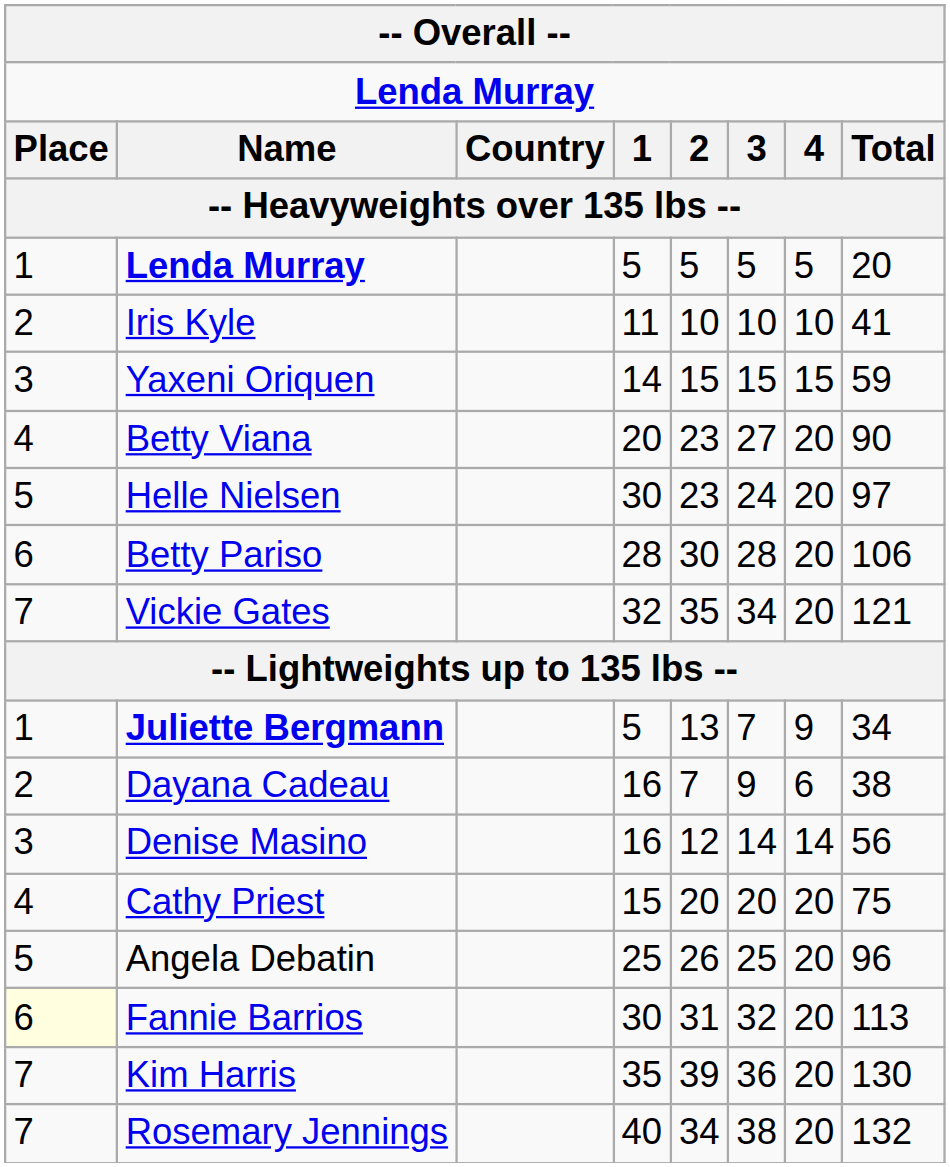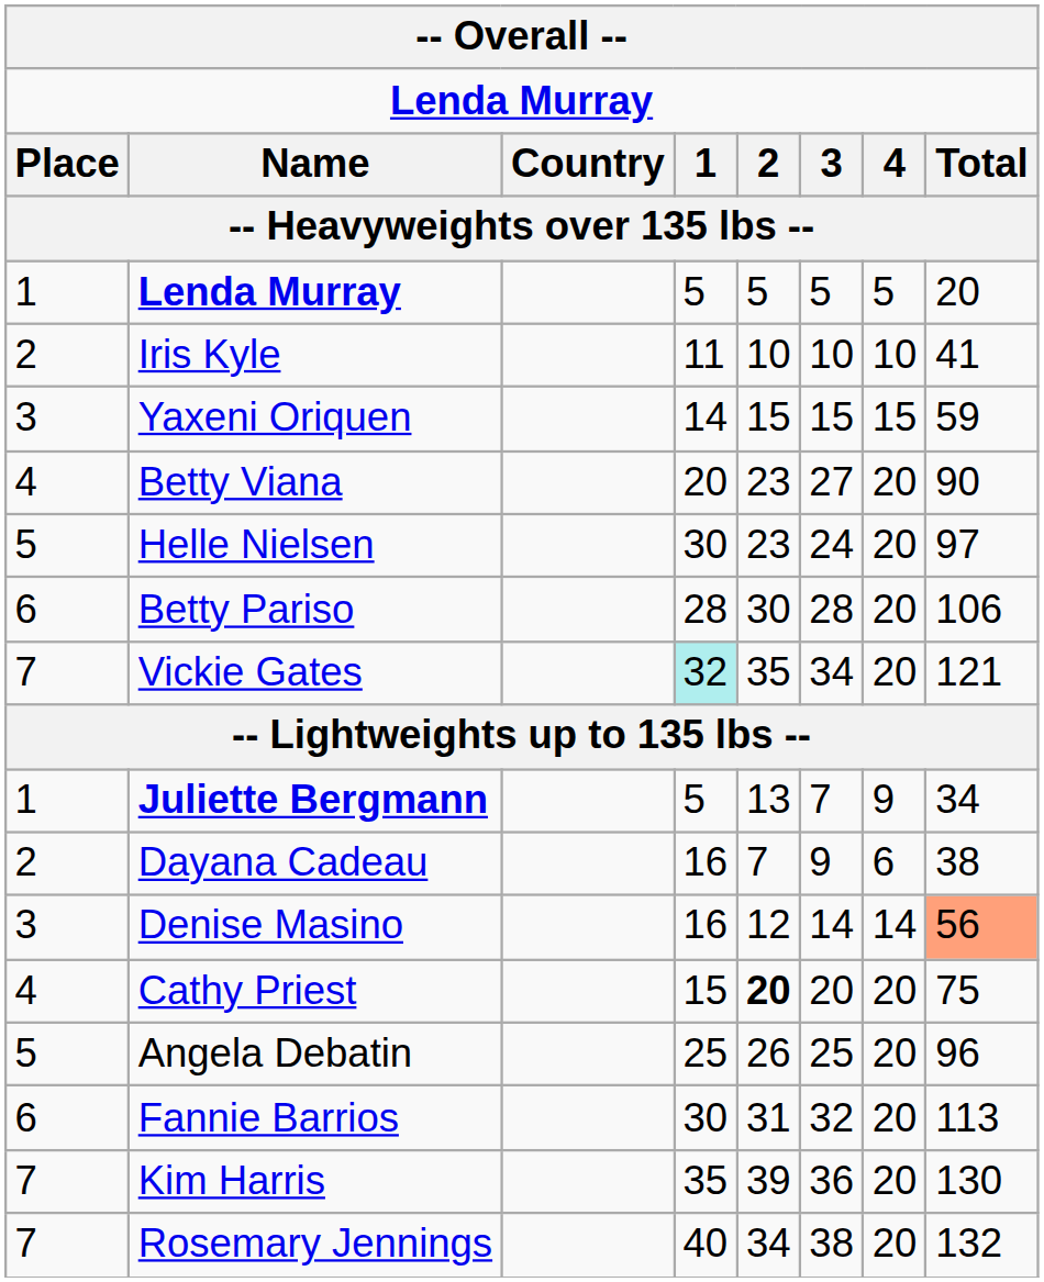 <table class="wikitable">
 <tr>
 <th rowspan=1 colspan=8 align="center">-- Overall --</th>
 </tr>
 <tr>
 <td rowspan=1 colspan=8 align="center"><strong><a href='#'>Lenda Murray</a></strong></td>
 </tr>
 <tr>
 <th>Place</th>
 <th>Name</th>
 <th>Country</th>
 <th>1</th>
 <th>2</th>
 <th>3</th>
 <th>4</th>
 <th>Total</th>
 </tr>
 <tr>
 <th rowspan=1 colspan=8 align="center">-- Heavyweights over 135 lbs --</th>
 </tr>
 <tr>
 <td>1</td>
 <td><strong><a href='#'>Lenda Murray</a></strong></td>
 <td></td>
 <td>5</td>
 <td>5</td>
 <td>5</td>
 <td>5</td>
 <td>20</td>
 </tr>
 <tr>
 <td>2</td>
 <td><a href='#'>Iris Kyle</a></td>
 <td></td>
 <td>11</td>
 <td>10</td>
 <td>10</td>
 <td>10</td>
 <td>41</td>
 </tr>
 <tr>
 <td>3</td>
 <td><a href='#'>Yaxeni Oriquen</a></td>
 <td></td>
 <td>14</td>
 <td>15</td>
 <td>15</td>
 <td>15</td>
 <td>59</td>
 </tr>
 <tr>
 <td>4</td>
 <td><a href='#'>Betty Viana</a></td>
 <td></td>
 <td>20</td>
 <td>23</td>
 <td>27</td>
 <td>20</td>
 <td>90</td>
 </tr>
 <tr>
 <td>5</td>
 <td><a href='#'>Helle Nielsen</a></td>
 <td></td>
 <td>30</td>
 <td>23</td>
 <td>24</td>
 <td>20</td>
 <td>97</td>
 </tr>
 <tr>
 <td>6</td>
 <td><a href='#'>Betty Pariso</a></td>
 <td></td>
 <td>28</td>
 <td>30</td>
 <td>28</td>
 <td>20</td>
 <td>106</td>
 </tr>
 <tr>
 <td>7</td>
 <td><a href='#'>Vickie Gates</a></td>
 <td></td>
-<td>32</td>
+<td style="background: paleturquoise;">32</td>
 <td>35</td>
 <td>34</td>
 <td>20</td>
 <td>121</td>
 </tr>
 <tr>
 <th rowspan=1 colspan=8 align="center">-- Lightweights up to 135 lbs --</th>
 </tr>
 <tr>
 <td>1</td>
 <td><strong><a href='#'>Juliette Bergmann</a></strong></td>
 <td></td>
 <td>5</td>
 <td>13</td>
 <td>7</td>
 <td>9</td>
 <td>34</td>
 </tr>
 <tr>
 <td>2</td>
 <td><a href='#'>Dayana Cadeau</a></td>
 <td></td>
 <td>16</td>
 <td>7</td>
 <td>9</td>
 <td>6</td>
 <td>38</td>
 </tr>
 <tr>
 <td>3</td>
 <td><a href='#'>Denise Masino</a></td>
 <td></td>
 <td>16</td>
 <td>12</td>
 <td>14</td>
 <td>14</td>
-<td>56</td>
+<td style="background: lightsalmon;">56</td>
 </tr>
 <tr>
 <td>4</td>
 <td><a href='#'>Cathy Priest</a></td>
 <td></td>
 <td>15</td>
-<td>20</td>
+<td><strong>20</strong></td>
 <td>20</td>
 <td>20</td>
 <td>75</td>
 </tr>
 <tr>
 <td>5</td>
 <td>Angela Debatin</td>
 <td></td>
 <td>25</td>
 <td>26</td>
 <td>25</td>
 <td>20</td>
 <td>96</td>
 </tr>
 <tr>
-<td style="background: lightyellow;">6</td>
+<td>6</td>
 <td><a href='#'>Fannie Barrios</a></td>
 <td></td>
 <td>30</td>
 <td>31</td>
 <td>32</td>
 <td>20</td>
 <td>113</td>
 </tr>
 <tr>
 <td>7</td>
 <td><a href='#'>Kim Harris</a></td>
 <td></td>
 <td>35</td>
 <td>39</td>
 <td>36</td>
 <td>20</td>
 <td>130</td>
 </tr>
 <tr>
 <td>7</td>
 <td><a href='#'>Rosemary Jennings</a></td>
 <td></td>
 <td>40</td>
 <td>34</td>
 <td>38</td>
 <td>20</td>
 <td>132</td>
 </tr>
 <tr>
 </tr>
 </table>
